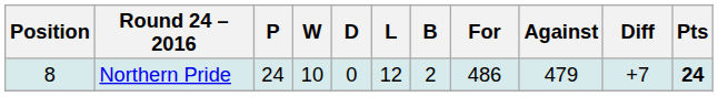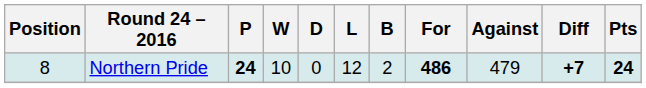 <table class="wikitable" style="text-align:center; font-size:85%;">
 <tr>
 <th width=40 abbr="Position">Position</th>
 <th width=100>Round 24 – 2016</th>
 <th width=20 abbr="Played">P</th>
 <th width=20 abbr="Won">W</th>
 <th width=20 abbr="Drawn">D</th>
 <th width=20 abbr="Lost">L</th>
 <th width=20 abbr="Bye">B</th>
 <th width=40 abbr="Points for">For</th>
 <th width=40 abbr="Points against">Against</th>
 <th width=40 abbr="Points difference">Diff</th>
 <th width=20 abbr="Points">Pts</th>
 </tr>
 <tr style="background: #d7ebed;">
 <td>8</td>
 <td style="text-align:left;"> <a href='#'>Northern Pride</a></td>
-<td>24</td>
+<td><strong>24</strong></td>
 <td>10</td>
 <td>0</td>
 <td>12</td>
 <td>2</td>
-<td>486</td>
+<td><strong>486</strong></td>
 <td>479</td>
-<td>+7</td>
+<td><strong>+7</strong></td>
 <td><strong>24</strong></td>
 </tr>
 <tr>
 </tr>
 </table>
